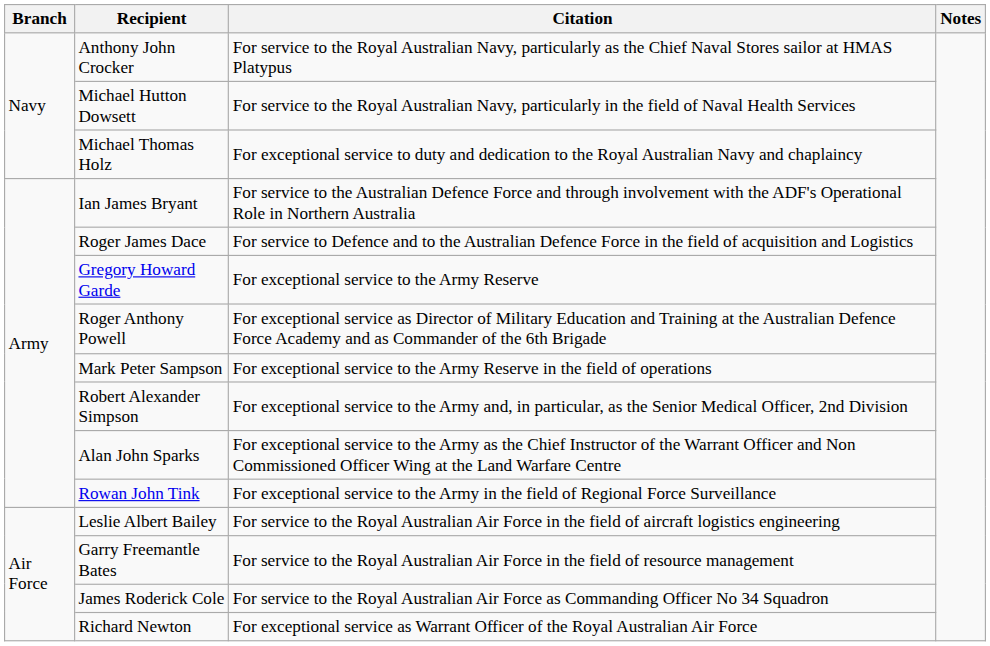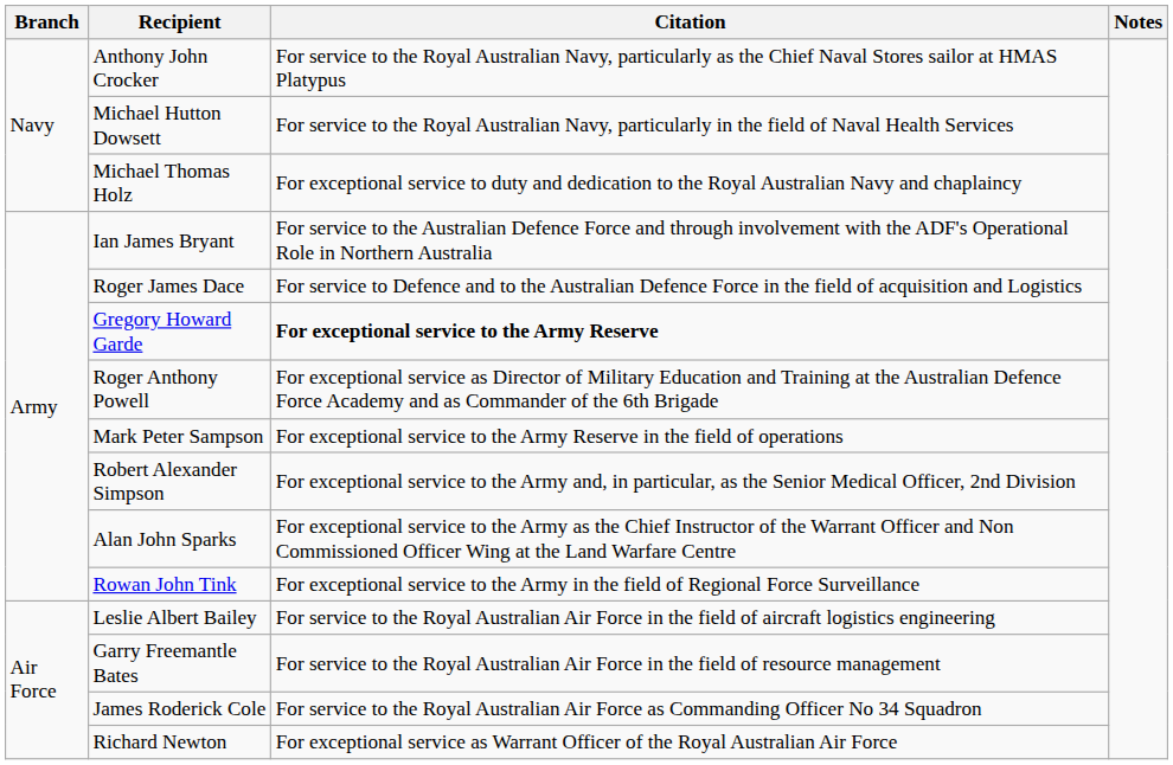 <table class="wikitable" style="font-size:95%;">
 <tr>
 <th>Branch</th>
 <th>Recipient</th>
 <th>Citation</th>
 <th>Notes</th>
 </tr>
 <tr>
 <td rowspan=3>Navy</td>
 <td> Anthony John Crocker</td>
 <td>For service to the Royal Australian Navy, particularly as the Chief Naval Stores sailor at HMAS Platypus</td>
 <td rowspan=15></td>
 </tr>
 <tr>
 <td> Michael Hutton Dowsett</td>
 <td>For service to the Royal Australian Navy, particularly in the field of Naval Health Services</td>
 </tr>
 <tr>
 <td> Michael Thomas Holz</td>
 <td>For exceptional service to duty and dedication to the Royal Australian Navy and chaplaincy</td>
 </tr>
 <tr>
 <td rowspan=8>Army</td>
 <td> Ian James Bryant</td>
 <td>For service to the Australian Defence Force and through involvement with the ADF's Operational Role in Northern Australia</td>
 </tr>
 <tr>
 <td> Roger James Dace</td>
 <td>For service to Defence and to the Australian Defence Force in the field of acquisition and Logistics</td>
 </tr>
 <tr>
 <td> <a href='#'>Gregory Howard Garde</a></td>
-<td>For exceptional service to the Army Reserve</td>
+<td><strong>For exceptional service to the Army Reserve</strong></td>
 </tr>
 <tr>
 <td> Roger Anthony Powell</td>
 <td>For exceptional service as Director of Military Education and Training at the Australian Defence Force Academy and as Commander of the 6th Brigade</td>
 </tr>
 <tr>
 <td> Mark Peter Sampson</td>
 <td>For exceptional service to the Army Reserve in the field of operations</td>
 </tr>
 <tr>
 <td> Robert Alexander Simpson</td>
 <td>For exceptional service to the Army and, in particular, as the Senior Medical Officer, 2nd Division</td>
 </tr>
 <tr>
 <td> Alan John Sparks </td>
 <td>For exceptional service to the Army as the Chief Instructor of the Warrant Officer and Non Commissioned Officer Wing at the Land Warfare Centre</td>
 </tr>
 <tr>
 <td> <a href='#'>Rowan John Tink</a></td>
 <td>For exceptional service to the Army in the field of Regional Force Surveillance</td>
 </tr>
 <tr>
 <td rowspan=4>Air Force</td>
 <td> Leslie Albert Bailey</td>
 <td>For service to the Royal Australian Air Force in the field of aircraft logistics engineering</td>
 </tr>
 <tr>
 <td> Garry Freemantle Bates</td>
 <td>For service to the Royal Australian Air Force in the field of resource management</td>
 </tr>
 <tr>
 <td> James Roderick Cole</td>
 <td>For service to the Royal Australian Air Force as Commanding Officer No 34 Squadron</td>
 </tr>
 <tr>
 <td> Richard Newton</td>
 <td>For exceptional service as Warrant Officer of the Royal Australian Air Force</td>
 </tr>
 </table>
